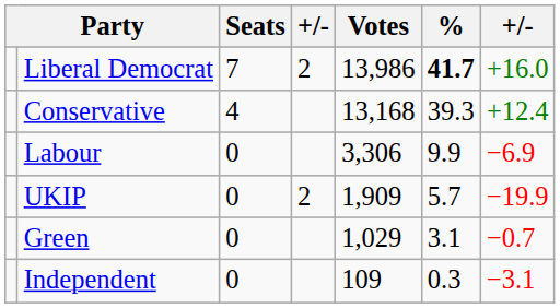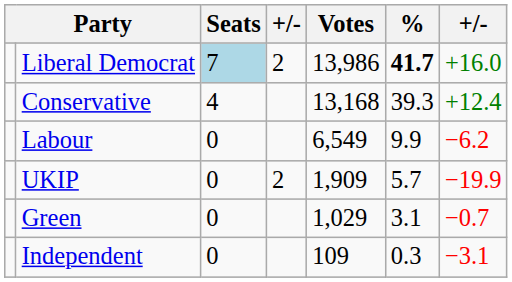 <table class="wikitable">
 <tr>
 <th colspan="2">Party</th>
 <th>Seats</th>
 <th>+/-</th>
 <th>Votes</th>
 <th>%</th>
 <th>+/-</th>
 </tr>
 <tr>
 <td style="background-color: "></td>
 <td><a href='#'>Liberal Democrat</a></td>
-<td>7</td>
+<td style="background: lightblue;">7</td>
 <td> 2</td>
 <td>13,986</td>
 <td><strong>41.7</strong></td>
 <td style="color:green">+16.0</td>
 </tr>
 <tr>
 <td style="background-color: "></td>
 <td><a href='#'>Conservative</a></td>
 <td>4</td>
 <td></td>
 <td>13,168</td>
 <td>39.3</td>
 <td style="color:green">+12.4</td>
 </tr>
 <tr>
 <td style="background-color: "></td>
 <td><a href='#'>Labour</a></td>
 <td>0</td>
 <td></td>
-<td>3,306</td>
+<td>6,549</td>
 <td>9.9</td>
-<td style="color:red">−6.9</td>
+<td style="color:red">−6.2</td>
 </tr>
 <tr>
 <td style="background-color:"></td>
 <td><a href='#'>UKIP</a></td>
 <td>0</td>
 <td> 2</td>
 <td>1,909</td>
 <td>5.7</td>
 <td style="color:red">−19.9</td>
 </tr>
 <tr>
 <td style="background-color: "></td>
 <td><a href='#'>Green</a></td>
 <td>0</td>
 <td></td>
 <td>1,029</td>
 <td>3.1</td>
 <td style="color:red">−0.7</td>
 </tr>
 <tr>
 <td style="background-color: "></td>
 <td><a href='#'>Independent</a></td>
 <td>0</td>
 <td></td>
 <td>109</td>
 <td>0.3</td>
 <td style="color:red">−3.1</td>
 </tr>
 </table>
